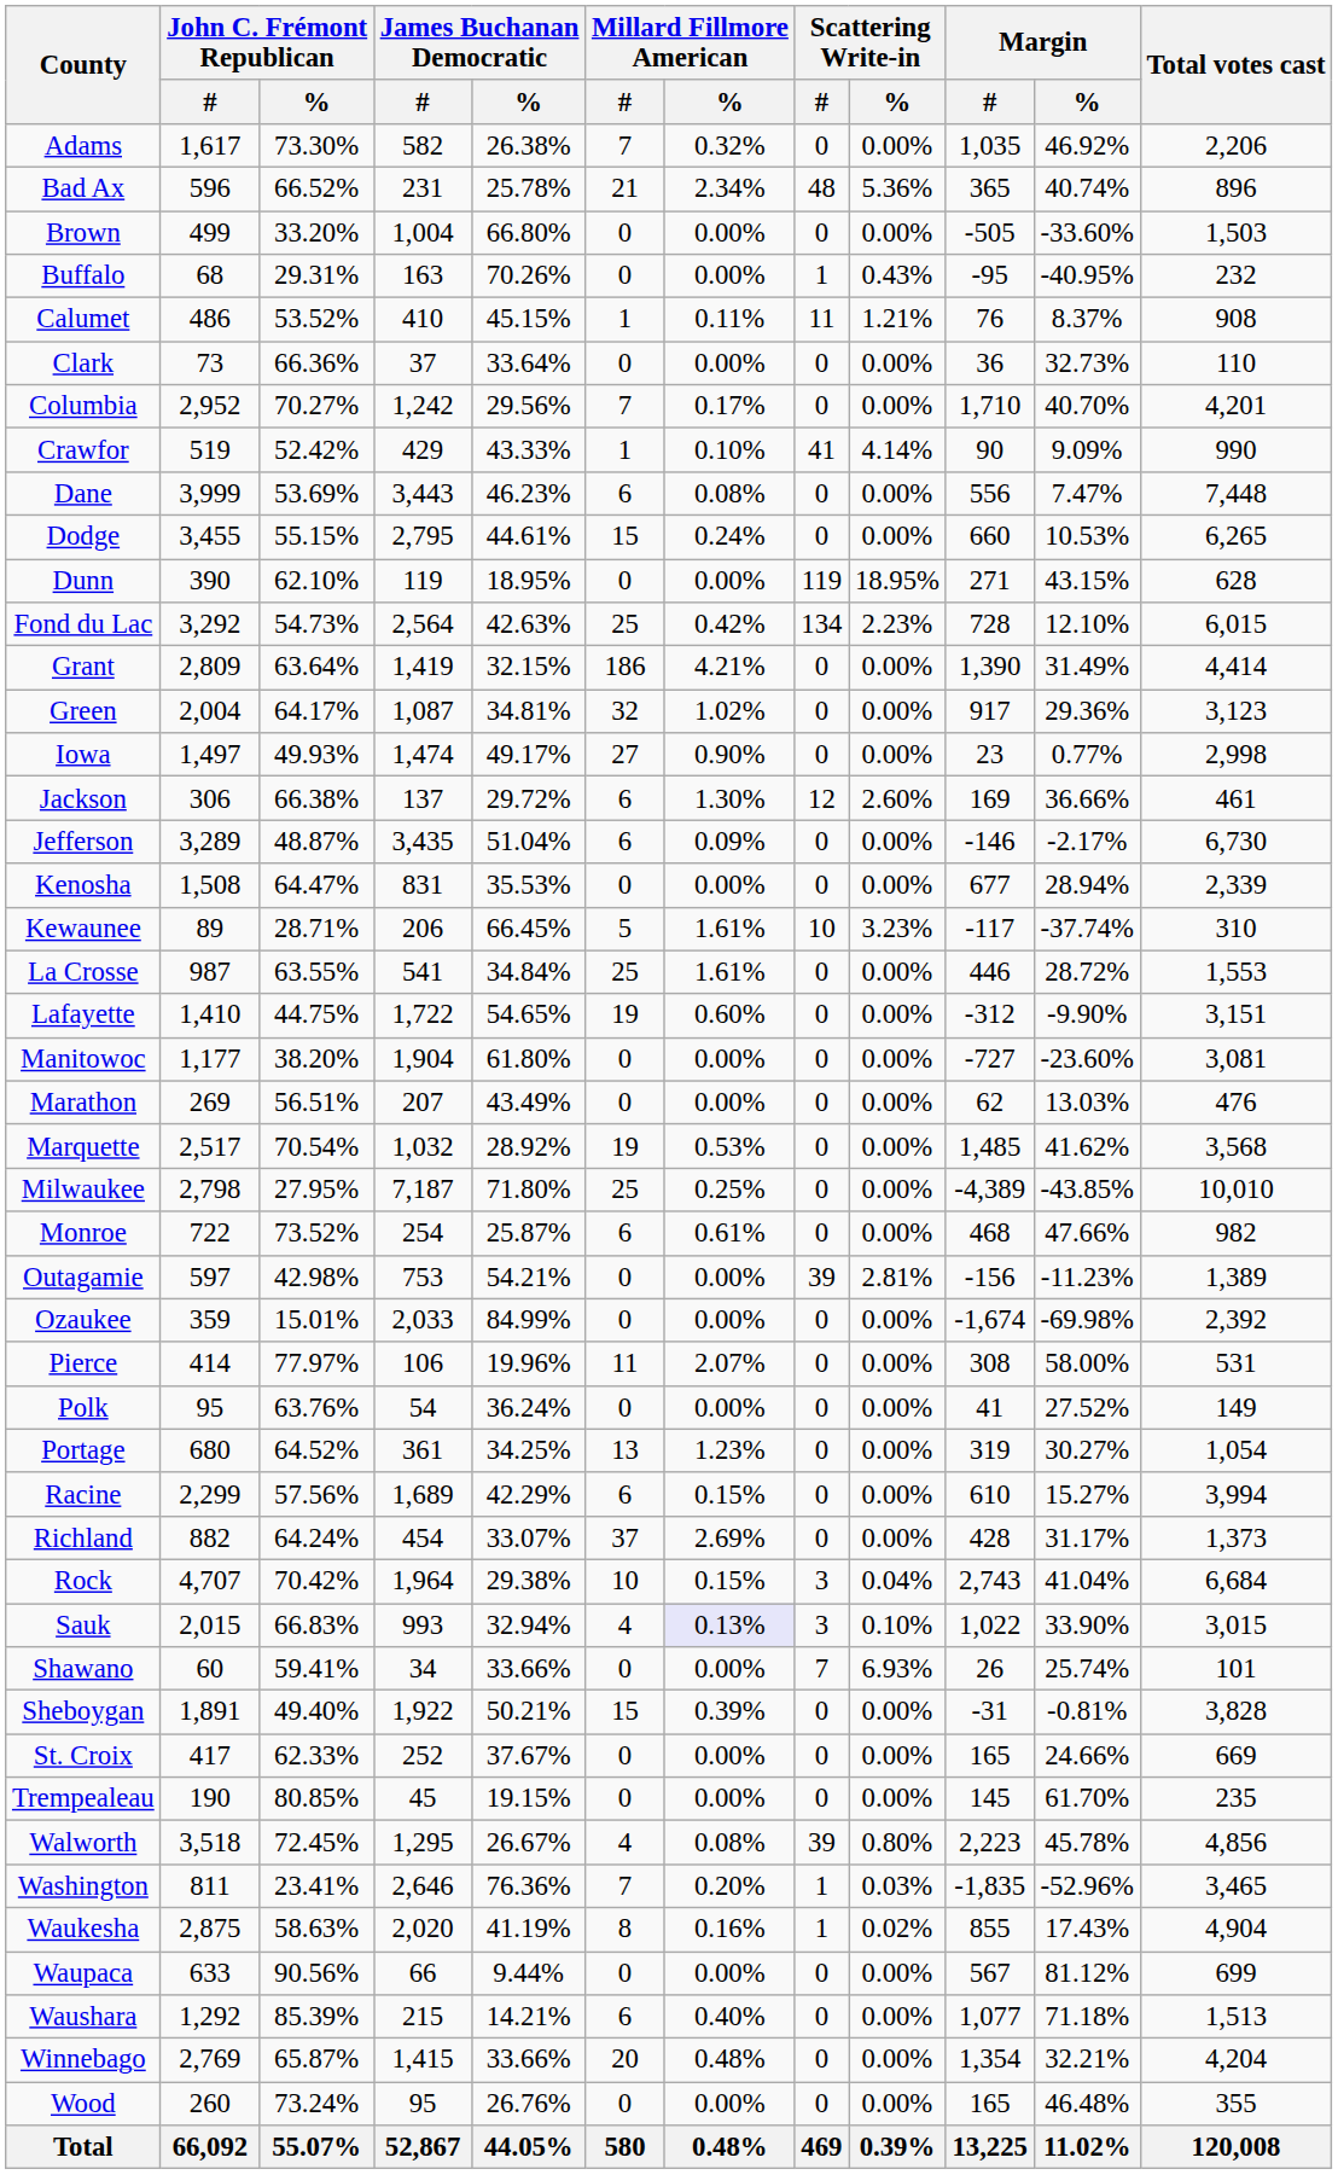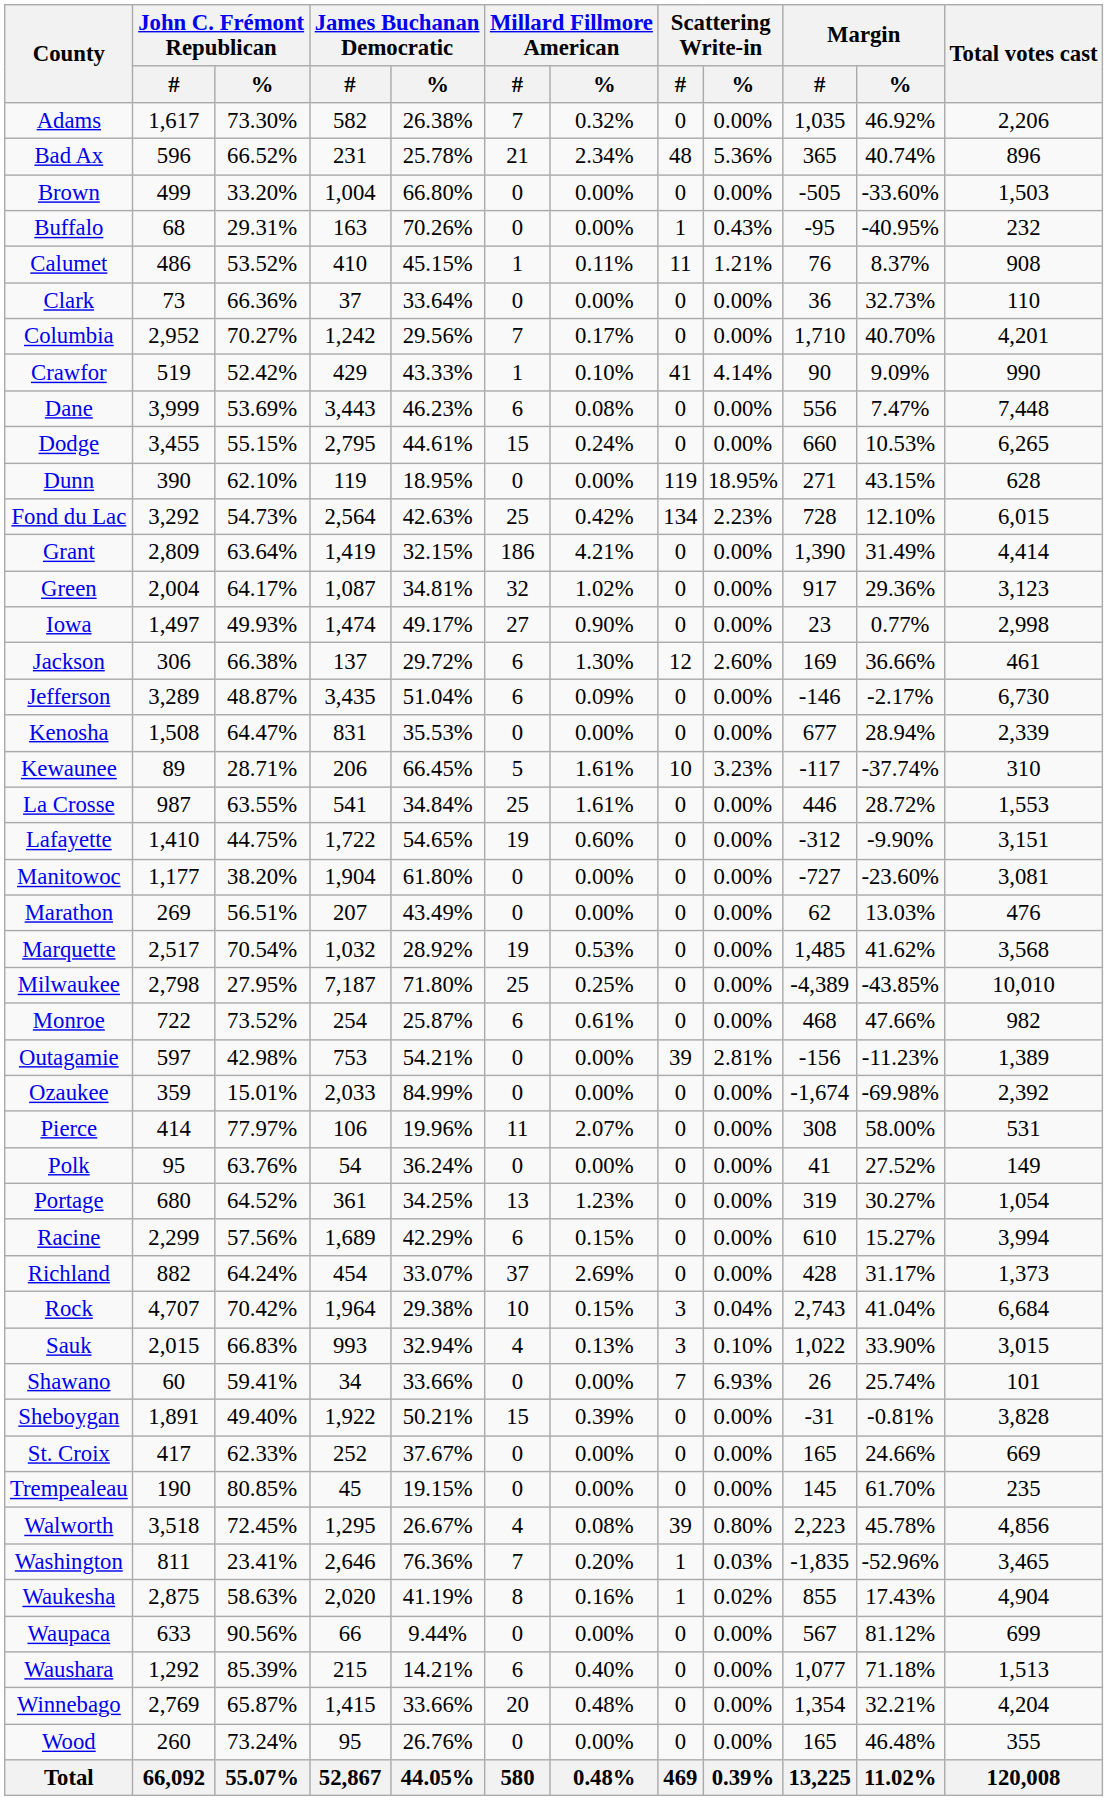 <table class="wikitable sortable" style="text-align:center">
 <tr>
 <th rowspan="2" style="text-align:center;">County</th>
 <th colspan="2" style="text-align:center;"><a href='#'>John C. Frémont</a><br>Republican</th>
 <th colspan="2" style="text-align:center;"><a href='#'>James Buchanan</a><br>Democratic</th>
 <th colspan="2" style="text-align:center;"><a href='#'>Millard Fillmore</a><br>American</th>
 <th colspan="2" style="text-align:center;">Scattering<br>Write-in</th>
 <th colspan="2" style="text-align:center;">Margin</th>
 <th rowspan="2" style="text-align:center;">Total votes cast</th>
 </tr>
 <tr>
 <th style="text-align:center;" data-sort-type="number">#</th>
 <th style="text-align:center;" data-sort-type="number">%</th>
 <th style="text-align:center;" data-sort-type="number">#</th>
 <th style="text-align:center;" data-sort-type="number">%</th>
 <th style="text-align:center;" data-sort-type="number">#</th>
 <th style="text-align:center;" data-sort-type="number">%</th>
 <th style="text-align:center;" data-sort-type="number">#</th>
 <th style="text-align:center;" data-sort-type="number">%</th>
 <th style="text-align:center;" data-sort-type="number">#</th>
 <th style="text-align:center;" data-sort-type="number">%</th>
 </tr>
 <tr style="text-align:center;">
 <td><a href='#'>Adams</a></td>
 <td>1,617</td>
 <td>73.30%</td>
 <td>582</td>
 <td>26.38%</td>
 <td>7</td>
 <td>0.32%</td>
 <td>0</td>
 <td>0.00%</td>
 <td>1,035</td>
 <td>46.92%</td>
 <td>2,206</td>
 </tr>
 <tr style="text-align:center;">
 <td><a href='#'>Bad Ax</a></td>
 <td>596</td>
 <td>66.52%</td>
 <td>231</td>
 <td>25.78%</td>
 <td>21</td>
 <td>2.34%</td>
 <td>48</td>
 <td>5.36%</td>
 <td>365</td>
 <td>40.74%</td>
 <td>896</td>
 </tr>
 <tr style="text-align:center;">
 <td><a href='#'>Brown</a></td>
 <td>499</td>
 <td>33.20%</td>
 <td>1,004</td>
 <td>66.80%</td>
 <td>0</td>
 <td>0.00%</td>
 <td>0</td>
 <td>0.00%</td>
 <td>-505</td>
 <td>-33.60%</td>
 <td>1,503</td>
 </tr>
 <tr style="text-align:center;">
 <td><a href='#'>Buffalo</a></td>
 <td>68</td>
 <td>29.31%</td>
 <td>163</td>
 <td>70.26%</td>
 <td>0</td>
 <td>0.00%</td>
 <td>1</td>
 <td>0.43%</td>
 <td>-95</td>
 <td>-40.95%</td>
 <td>232</td>
 </tr>
 <tr style="text-align:center;">
 <td><a href='#'>Calumet</a></td>
 <td>486</td>
 <td>53.52%</td>
 <td>410</td>
 <td>45.15%</td>
 <td>1</td>
 <td>0.11%</td>
 <td>11</td>
 <td>1.21%</td>
 <td>76</td>
 <td>8.37%</td>
 <td>908</td>
 </tr>
 <tr style="text-align:center;">
 <td><a href='#'>Clark</a></td>
 <td>73</td>
 <td>66.36%</td>
 <td>37</td>
 <td>33.64%</td>
 <td>0</td>
 <td>0.00%</td>
 <td>0</td>
 <td>0.00%</td>
 <td>36</td>
 <td>32.73%</td>
 <td>110</td>
 </tr>
 <tr style="text-align:center;">
 <td><a href='#'>Columbia</a></td>
 <td>2,952</td>
 <td>70.27%</td>
 <td>1,242</td>
 <td>29.56%</td>
 <td>7</td>
 <td>0.17%</td>
 <td>0</td>
 <td>0.00%</td>
 <td>1,710</td>
 <td>40.70%</td>
 <td>4,201</td>
 </tr>
 <tr style="text-align:center;">
 <td><a href='#'>Crawfor</a></td>
 <td>519</td>
 <td>52.42%</td>
 <td>429</td>
 <td>43.33%</td>
 <td>1</td>
 <td>0.10%</td>
 <td>41</td>
 <td>4.14%</td>
 <td>90</td>
 <td>9.09%</td>
 <td>990</td>
 </tr>
 <tr style="text-align:center;">
 <td><a href='#'>Dane</a></td>
 <td>3,999</td>
 <td>53.69%</td>
 <td>3,443</td>
 <td>46.23%</td>
 <td>6</td>
 <td>0.08%</td>
 <td>0</td>
 <td>0.00%</td>
 <td>556</td>
 <td>7.47%</td>
 <td>7,448</td>
 </tr>
 <tr style="text-align:center;">
 <td><a href='#'>Dodge</a></td>
 <td>3,455</td>
 <td>55.15%</td>
 <td>2,795</td>
 <td>44.61%</td>
 <td>15</td>
 <td>0.24%</td>
 <td>0</td>
 <td>0.00%</td>
 <td>660</td>
 <td>10.53%</td>
 <td>6,265</td>
 </tr>
 <tr style="text-align:center;">
 <td><a href='#'>Dunn</a></td>
 <td>390</td>
 <td>62.10%</td>
 <td>119</td>
 <td>18.95%</td>
 <td>0</td>
 <td>0.00%</td>
 <td>119</td>
 <td>18.95%</td>
 <td>271</td>
 <td>43.15%</td>
 <td>628</td>
 </tr>
 <tr style="text-align:center;">
 <td><a href='#'>Fond du Lac</a></td>
 <td>3,292</td>
 <td>54.73%</td>
 <td>2,564</td>
 <td>42.63%</td>
 <td>25</td>
 <td>0.42%</td>
 <td>134</td>
 <td>2.23%</td>
 <td>728</td>
 <td>12.10%</td>
 <td>6,015</td>
 </tr>
 <tr style="text-align:center;">
 <td><a href='#'>Grant</a></td>
 <td>2,809</td>
 <td>63.64%</td>
 <td>1,419</td>
 <td>32.15%</td>
 <td>186</td>
 <td>4.21%</td>
 <td>0</td>
 <td>0.00%</td>
 <td>1,390</td>
 <td>31.49%</td>
 <td>4,414</td>
 </tr>
 <tr style="text-align:center;">
 <td><a href='#'>Green</a></td>
 <td>2,004</td>
 <td>64.17%</td>
 <td>1,087</td>
 <td>34.81%</td>
 <td>32</td>
 <td>1.02%</td>
 <td>0</td>
 <td>0.00%</td>
 <td>917</td>
 <td>29.36%</td>
 <td>3,123</td>
 </tr>
 <tr style="text-align:center;">
 <td><a href='#'>Iowa</a></td>
 <td>1,497</td>
 <td>49.93%</td>
 <td>1,474</td>
 <td>49.17%</td>
 <td>27</td>
 <td>0.90%</td>
 <td>0</td>
 <td>0.00%</td>
 <td>23</td>
 <td>0.77%</td>
 <td>2,998</td>
 </tr>
 <tr style="text-align:center;">
 <td><a href='#'>Jackson</a></td>
 <td>306</td>
 <td>66.38%</td>
 <td>137</td>
 <td>29.72%</td>
 <td>6</td>
 <td>1.30%</td>
 <td>12</td>
 <td>2.60%</td>
 <td>169</td>
 <td>36.66%</td>
 <td>461</td>
 </tr>
 <tr style="text-align:center;">
 <td><a href='#'>Jefferson</a></td>
 <td>3,289</td>
 <td>48.87%</td>
 <td>3,435</td>
 <td>51.04%</td>
 <td>6</td>
 <td>0.09%</td>
 <td>0</td>
 <td>0.00%</td>
 <td>-146</td>
 <td>-2.17%</td>
 <td>6,730</td>
 </tr>
 <tr style="text-align:center;">
 <td><a href='#'>Kenosha</a></td>
 <td>1,508</td>
 <td>64.47%</td>
 <td>831</td>
 <td>35.53%</td>
 <td>0</td>
 <td>0.00%</td>
 <td>0</td>
 <td>0.00%</td>
 <td>677</td>
 <td>28.94%</td>
 <td>2,339</td>
 </tr>
 <tr style="text-align:center;">
 <td><a href='#'>Kewaunee</a></td>
 <td>89</td>
 <td>28.71%</td>
 <td>206</td>
 <td>66.45%</td>
 <td>5</td>
 <td>1.61%</td>
 <td>10</td>
 <td>3.23%</td>
 <td>-117</td>
 <td>-37.74%</td>
 <td>310</td>
 </tr>
 <tr style="text-align:center;">
 <td><a href='#'>La Crosse</a></td>
 <td>987</td>
 <td>63.55%</td>
 <td>541</td>
 <td>34.84%</td>
 <td>25</td>
 <td>1.61%</td>
 <td>0</td>
 <td>0.00%</td>
 <td>446</td>
 <td>28.72%</td>
 <td>1,553</td>
 </tr>
 <tr style="text-align:center;">
 <td><a href='#'>Lafayette</a></td>
 <td>1,410</td>
 <td>44.75%</td>
 <td>1,722</td>
 <td>54.65%</td>
 <td>19</td>
 <td>0.60%</td>
 <td>0</td>
 <td>0.00%</td>
 <td>-312</td>
 <td>-9.90%</td>
 <td>3,151</td>
 </tr>
 <tr style="text-align:center;">
 <td><a href='#'>Manitowoc</a></td>
 <td>1,177</td>
 <td>38.20%</td>
 <td>1,904</td>
 <td>61.80%</td>
 <td>0</td>
 <td>0.00%</td>
 <td>0</td>
 <td>0.00%</td>
 <td>-727</td>
 <td>-23.60%</td>
 <td>3,081</td>
 </tr>
 <tr style="text-align:center;">
 <td><a href='#'>Marathon</a></td>
 <td>269</td>
 <td>56.51%</td>
 <td>207</td>
 <td>43.49%</td>
 <td>0</td>
 <td>0.00%</td>
 <td>0</td>
 <td>0.00%</td>
 <td>62</td>
 <td>13.03%</td>
 <td>476</td>
 </tr>
 <tr style="text-align:center;">
 <td><a href='#'>Marquette</a></td>
 <td>2,517</td>
 <td>70.54%</td>
 <td>1,032</td>
 <td>28.92%</td>
 <td>19</td>
 <td>0.53%</td>
 <td>0</td>
 <td>0.00%</td>
 <td>1,485</td>
 <td>41.62%</td>
 <td>3,568</td>
 </tr>
 <tr style="text-align:center;">
 <td><a href='#'>Milwaukee</a></td>
 <td>2,798</td>
 <td>27.95%</td>
 <td>7,187</td>
 <td>71.80%</td>
 <td>25</td>
 <td>0.25%</td>
 <td>0</td>
 <td>0.00%</td>
 <td>-4,389</td>
 <td>-43.85%</td>
 <td>10,010</td>
 </tr>
 <tr style="text-align:center;">
 <td><a href='#'>Monroe</a></td>
 <td>722</td>
 <td>73.52%</td>
 <td>254</td>
 <td>25.87%</td>
 <td>6</td>
 <td>0.61%</td>
 <td>0</td>
 <td>0.00%</td>
 <td>468</td>
 <td>47.66%</td>
 <td>982</td>
 </tr>
 <tr style="text-align:center;">
 <td><a href='#'>Outagamie</a></td>
 <td>597</td>
 <td>42.98%</td>
 <td>753</td>
 <td>54.21%</td>
 <td>0</td>
 <td>0.00%</td>
 <td>39</td>
 <td>2.81%</td>
 <td>-156</td>
 <td>-11.23%</td>
 <td>1,389</td>
 </tr>
 <tr style="text-align:center;">
 <td><a href='#'>Ozaukee</a></td>
 <td>359</td>
 <td>15.01%</td>
 <td>2,033</td>
 <td>84.99%</td>
 <td>0</td>
 <td>0.00%</td>
 <td>0</td>
 <td>0.00%</td>
 <td>-1,674</td>
 <td>-69.98%</td>
 <td>2,392</td>
 </tr>
 <tr style="text-align:center;">
 <td><a href='#'>Pierce</a></td>
 <td>414</td>
 <td>77.97%</td>
 <td>106</td>
 <td>19.96%</td>
 <td>11</td>
 <td>2.07%</td>
 <td>0</td>
 <td>0.00%</td>
 <td>308</td>
 <td>58.00%</td>
 <td>531</td>
 </tr>
 <tr style="text-align:center;">
 <td><a href='#'>Polk</a></td>
 <td>95</td>
 <td>63.76%</td>
 <td>54</td>
 <td>36.24%</td>
 <td>0</td>
 <td>0.00%</td>
 <td>0</td>
 <td>0.00%</td>
 <td>41</td>
 <td>27.52%</td>
 <td>149</td>
 </tr>
 <tr style="text-align:center;">
 <td><a href='#'>Portage</a></td>
 <td>680</td>
 <td>64.52%</td>
 <td>361</td>
 <td>34.25%</td>
 <td>13</td>
 <td>1.23%</td>
 <td>0</td>
 <td>0.00%</td>
 <td>319</td>
 <td>30.27%</td>
 <td>1,054</td>
 </tr>
 <tr style="text-align:center;">
 <td><a href='#'>Racine</a></td>
 <td>2,299</td>
 <td>57.56%</td>
 <td>1,689</td>
 <td>42.29%</td>
 <td>6</td>
 <td>0.15%</td>
 <td>0</td>
 <td>0.00%</td>
 <td>610</td>
 <td>15.27%</td>
 <td>3,994</td>
 </tr>
 <tr style="text-align:center;">
 <td><a href='#'>Richland</a></td>
 <td>882</td>
 <td>64.24%</td>
 <td>454</td>
 <td>33.07%</td>
 <td>37</td>
 <td>2.69%</td>
 <td>0</td>
 <td>0.00%</td>
 <td>428</td>
 <td>31.17%</td>
 <td>1,373</td>
 </tr>
 <tr style="text-align:center;">
 <td><a href='#'>Rock</a></td>
 <td>4,707</td>
 <td>70.42%</td>
 <td>1,964</td>
 <td>29.38%</td>
 <td>10</td>
 <td>0.15%</td>
 <td>3</td>
 <td>0.04%</td>
 <td>2,743</td>
 <td>41.04%</td>
 <td>6,684</td>
 </tr>
 <tr style="text-align:center;">
 <td><a href='#'>Sauk</a></td>
 <td>2,015</td>
 <td>66.83%</td>
 <td>993</td>
 <td>32.94%</td>
 <td>4</td>
-<td style="background: lavender;">0.13%</td>
+<td>0.13%</td>
 <td>3</td>
 <td>0.10%</td>
 <td>1,022</td>
 <td>33.90%</td>
 <td>3,015</td>
 </tr>
 <tr style="text-align:center;">
 <td><a href='#'>Shawano</a></td>
 <td>60</td>
 <td>59.41%</td>
 <td>34</td>
 <td>33.66%</td>
 <td>0</td>
 <td>0.00%</td>
 <td>7</td>
 <td>6.93%</td>
 <td>26</td>
 <td>25.74%</td>
 <td>101</td>
 </tr>
 <tr style="text-align:center;">
 <td><a href='#'>Sheboygan</a></td>
 <td>1,891</td>
 <td>49.40%</td>
 <td>1,922</td>
 <td>50.21%</td>
 <td>15</td>
 <td>0.39%</td>
 <td>0</td>
 <td>0.00%</td>
 <td>-31</td>
 <td>-0.81%</td>
 <td>3,828</td>
 </tr>
 <tr style="text-align:center;">
 <td><a href='#'>St. Croix</a></td>
 <td>417</td>
 <td>62.33%</td>
 <td>252</td>
 <td>37.67%</td>
 <td>0</td>
 <td>0.00%</td>
 <td>0</td>
 <td>0.00%</td>
 <td>165</td>
 <td>24.66%</td>
 <td>669</td>
 </tr>
 <tr style="text-align:center;">
 <td><a href='#'>Trempealeau</a></td>
 <td>190</td>
 <td>80.85%</td>
 <td>45</td>
 <td>19.15%</td>
 <td>0</td>
 <td>0.00%</td>
 <td>0</td>
 <td>0.00%</td>
 <td>145</td>
 <td>61.70%</td>
 <td>235</td>
 </tr>
 <tr style="text-align:center;">
 <td><a href='#'>Walworth</a></td>
 <td>3,518</td>
 <td>72.45%</td>
 <td>1,295</td>
 <td>26.67%</td>
 <td>4</td>
 <td>0.08%</td>
 <td>39</td>
 <td>0.80%</td>
 <td>2,223</td>
 <td>45.78%</td>
 <td>4,856</td>
 </tr>
 <tr style="text-align:center;">
 <td><a href='#'>Washington</a></td>
 <td>811</td>
 <td>23.41%</td>
 <td>2,646</td>
 <td>76.36%</td>
 <td>7</td>
 <td>0.20%</td>
 <td>1</td>
 <td>0.03%</td>
 <td>-1,835</td>
 <td>-52.96%</td>
 <td>3,465</td>
 </tr>
 <tr style="text-align:center;">
 <td><a href='#'>Waukesha</a></td>
 <td>2,875</td>
 <td>58.63%</td>
 <td>2,020</td>
 <td>41.19%</td>
 <td>8</td>
 <td>0.16%</td>
 <td>1</td>
 <td>0.02%</td>
 <td>855</td>
 <td>17.43%</td>
 <td>4,904</td>
 </tr>
 <tr style="text-align:center;">
 <td><a href='#'>Waupaca</a></td>
 <td>633</td>
 <td>90.56%</td>
 <td>66</td>
 <td>9.44%</td>
 <td>0</td>
 <td>0.00%</td>
 <td>0</td>
 <td>0.00%</td>
 <td>567</td>
 <td>81.12%</td>
 <td>699</td>
 </tr>
 <tr style="text-align:center;">
 <td><a href='#'>Waushara</a></td>
 <td>1,292</td>
 <td>85.39%</td>
 <td>215</td>
 <td>14.21%</td>
 <td>6</td>
 <td>0.40%</td>
 <td>0</td>
 <td>0.00%</td>
 <td>1,077</td>
 <td>71.18%</td>
 <td>1,513</td>
 </tr>
 <tr style="text-align:center;">
 <td><a href='#'>Winnebago</a></td>
 <td>2,769</td>
 <td>65.87%</td>
 <td>1,415</td>
 <td>33.66%</td>
 <td>20</td>
 <td>0.48%</td>
 <td>0</td>
 <td>0.00%</td>
 <td>1,354</td>
 <td>32.21%</td>
 <td>4,204</td>
 </tr>
 <tr style="text-align:center;">
 <td><a href='#'>Wood</a></td>
 <td>260</td>
 <td>73.24%</td>
 <td>95</td>
 <td>26.76%</td>
 <td>0</td>
 <td>0.00%</td>
 <td>0</td>
 <td>0.00%</td>
 <td>165</td>
 <td>46.48%</td>
 <td>355</td>
 </tr>
 <tr>
 <th>Total</th>
 <th>66,092</th>
 <th>55.07%</th>
 <th>52,867</th>
 <th>44.05%</th>
 <th>580</th>
 <th>0.48%</th>
 <th>469</th>
 <th>0.39%</th>
 <th>13,225</th>
 <th>11.02%</th>
 <th>120,008</th>
 </tr>
 </table>
